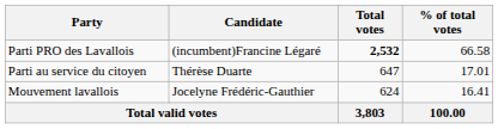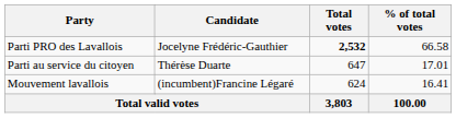 <table style="width:600px;" class="wikitable">
 <tr style="background-color:#E9E9E9">
 <th colspan="2" style="width: 200px">Party</th>
 <th colspan="1" style="width: 200px">Candidate</th>
 <th align="right">Total votes</th>
 <th align="right">% of total votes</th>
 </tr>
 <tr>
 <td colspan="2" align="left">Parti PRO des Lavallois</td>
-<td align="left">(incumbent)Francine Légaré</td>
+<td align="left">Jocelyne Frédéric-Gauthier</td>
 <td align="right"><strong>2,532</strong></td>
 <td align="right">66.58</td>
 </tr>
 <tr>
 <td colspan="2" align="left">Parti au service du citoyen</td>
 <td align="left">Thérèse Duarte</td>
 <td align="right">647</td>
 <td align="right">17.01</td>
 </tr>
 <tr>
 <td colspan="2" align="left">Mouvement lavallois</td>
-<td align="left">Jocelyne Frédéric-Gauthier</td>
+<td align="left">(incumbent)Francine Légaré</td>
 <td align="right">624</td>
 <td align="right">16.41</td>
 </tr>
 <tr bgcolor="#EEEEEE">
 <th colspan="3"  align="left">Total valid votes</th>
 <th align="right">3,803</th>
 <th align="right">100.00</th>
 </tr>
 </table>
